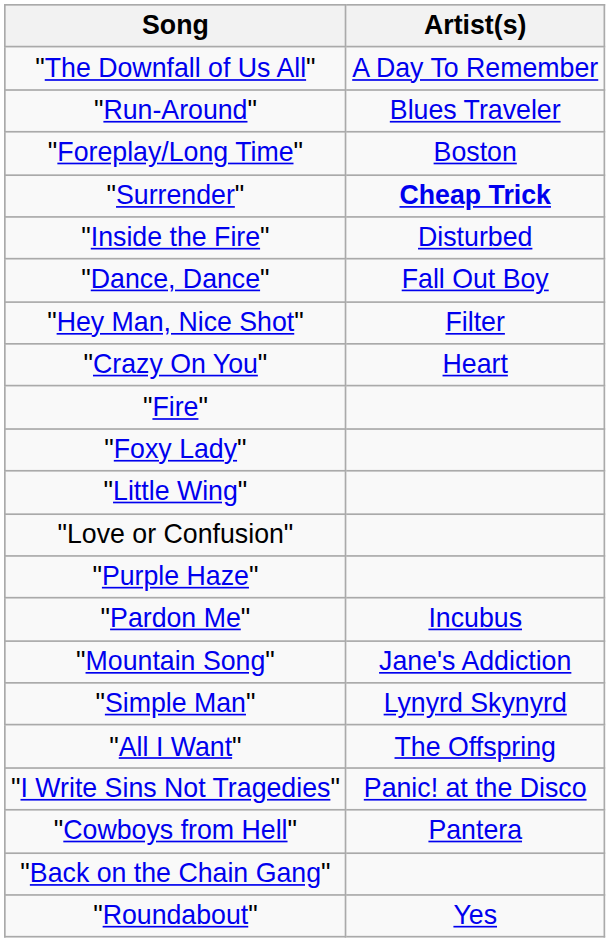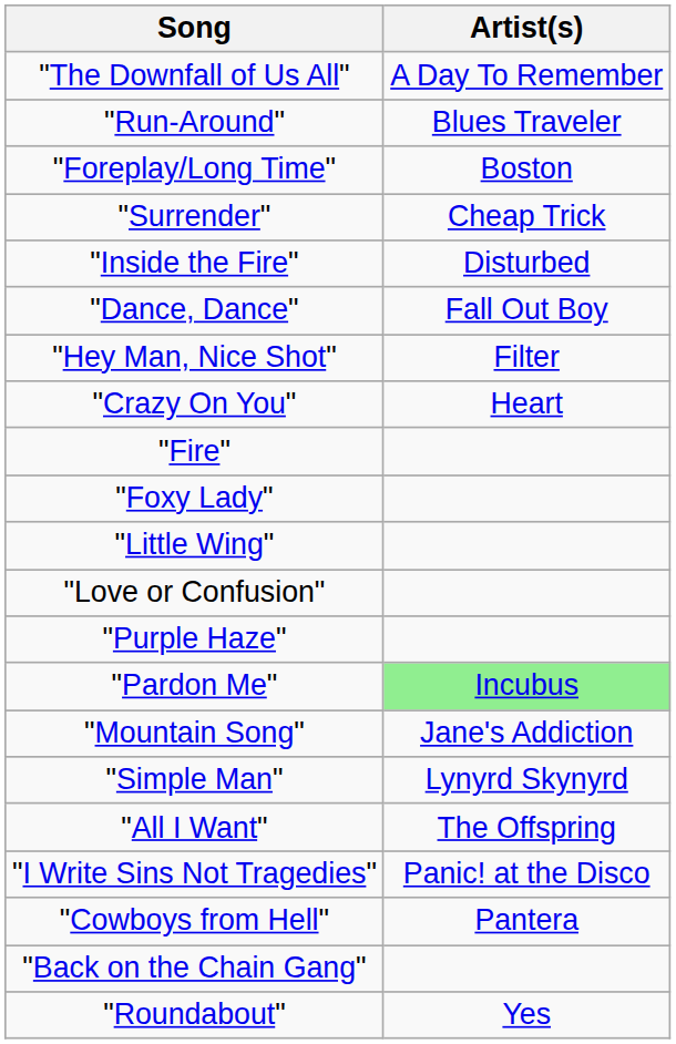 <table class="wikitable sortable" style="text-align: center">
 <tr>
 <th>Song</th>
 <th>Artist(s)</th>
 </tr>
 <tr>
 <td>"<a href='#'>The Downfall of Us All</a>"</td>
 <td><a href='#'>A Day To Remember</a></td>
 </tr>
 <tr>
 <td>"<a href='#'>Run-Around</a>"</td>
 <td><a href='#'>Blues Traveler</a></td>
 </tr>
 <tr>
 <td>"<a href='#'>Foreplay/Long Time</a>"</td>
 <td><a href='#'>Boston</a></td>
 </tr>
 <tr>
 <td>"<a href='#'>Surrender</a>"</td>
-<td><strong><a href='#'>Cheap Trick</a></strong></td>
+<td><a href='#'>Cheap Trick</a></td>
 </tr>
 <tr>
 <td>"<a href='#'>Inside the Fire</a>"</td>
 <td><a href='#'>Disturbed</a></td>
 </tr>
 <tr>
 <td>"<a href='#'>Dance, Dance</a>"</td>
 <td><a href='#'>Fall Out Boy</a></td>
 </tr>
 <tr>
 <td>"<a href='#'>Hey Man, Nice Shot</a>"</td>
 <td><a href='#'>Filter</a></td>
 </tr>
 <tr>
 <td>"<a href='#'>Crazy On You</a>"</td>
 <td><a href='#'>Heart</a></td>
 </tr>
 <tr>
 <td>"<a href='#'>Fire</a>"</td>
 <td></td>
 </tr>
 <tr>
 <td>"<a href='#'>Foxy Lady</a>"</td>
 <td></td>
 </tr>
 <tr>
 <td>"<a href='#'>Little Wing</a>"</td>
 <td></td>
 </tr>
 <tr>
 <td>"Love or Confusion"</td>
 <td></td>
 </tr>
 <tr>
 <td>"<a href='#'>Purple Haze</a>"</td>
 <td></td>
 </tr>
 <tr>
 <td>"<a href='#'>Pardon Me</a>"</td>
-<td><a href='#'>Incubus</a></td>
+<td style="background: lightgreen;"><a href='#'>Incubus</a></td>
 </tr>
 <tr>
 <td>"<a href='#'>Mountain Song</a>"</td>
 <td><a href='#'>Jane's Addiction</a></td>
 </tr>
 <tr>
 <td>"<a href='#'>Simple Man</a>"</td>
 <td><a href='#'>Lynyrd Skynyrd</a></td>
 </tr>
 <tr>
 <td>"<a href='#'>All I Want</a>"</td>
 <td><a href='#'>The Offspring</a></td>
 </tr>
 <tr>
 <td>"<a href='#'>I Write Sins Not Tragedies</a>"</td>
 <td><a href='#'>Panic! at the Disco</a></td>
 </tr>
 <tr>
 <td>"<a href='#'>Cowboys from Hell</a>"</td>
 <td><a href='#'>Pantera</a></td>
 </tr>
 <tr>
 <td>"<a href='#'>Back on the Chain Gang</a>"</td>
 <td></td>
 </tr>
 <tr>
 <td>"<a href='#'>Roundabout</a>"</td>
 <td><a href='#'>Yes</a></td>
 </tr>
 </table>
